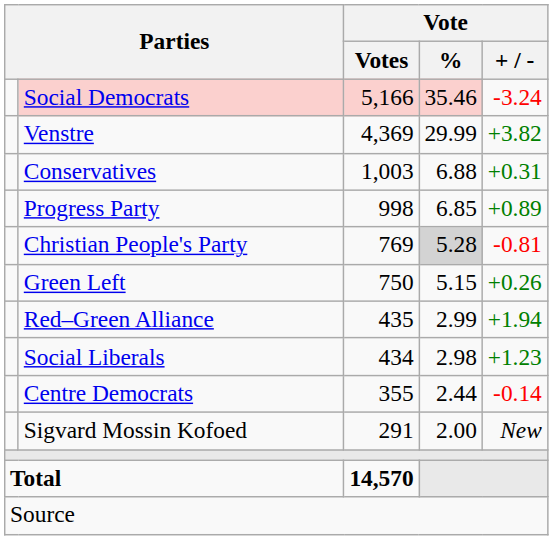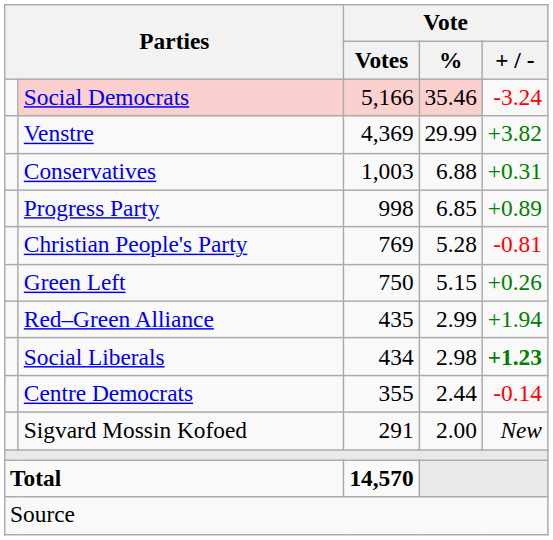 <table class="wikitable" style="text-align:right;">
 <tr>
 <th style="text-align:centre;" rowspan="2" colspan="2" width="225">Parties</th>
 <th colspan="3">Vote</th>
 </tr>
 <tr>
 <th width="15">Votes</th>
 <th width="15">%</th>
 <th width="15">+ / -</th>
 </tr>
 <tr>
 <td width="2" style="color:inherit;background:"></td>
 <td bgcolor=#fbd0ce  align="left"><a href='#'>Social Democrats</a></td>
 <td bgcolor=#fbd0ce>5,166</td>
 <td bgcolor=#fbd0ce>35.46</td>
 <td style=color:red;>-3.24</td>
 </tr>
 <tr>
 <td width="2" style="color:inherit;background:"></td>
 <td align="left"><a href='#'>Venstre</a></td>
 <td>4,369</td>
 <td>29.99</td>
 <td style=color:green;>+3.82</td>
 </tr>
 <tr>
 <td width="2" style="color:inherit;background:"></td>
 <td align="left"><a href='#'>Conservatives</a></td>
 <td>1,003</td>
 <td>6.88</td>
 <td style=color:green;>+0.31</td>
 </tr>
 <tr>
 <td width="2" style="color:inherit;background:"></td>
 <td align="left"><a href='#'>Progress Party</a></td>
 <td>998</td>
 <td>6.85</td>
 <td style=color:green;>+0.89</td>
 </tr>
 <tr>
 <td width="2" style="color:inherit;background:"></td>
 <td align="left"><a href='#'>Christian People's Party</a></td>
 <td>769</td>
-<td style="background: lightgrey;">5.28</td>
+<td>5.28</td>
 <td style=color:red;>-0.81</td>
 </tr>
 <tr>
 <td width="2" style="color:inherit;background:"></td>
 <td align="left"><a href='#'>Green Left</a></td>
 <td>750</td>
 <td>5.15</td>
 <td style=color:green;>+0.26</td>
 </tr>
 <tr>
 <td width="2" style="color:inherit;background:"></td>
 <td align="left"><a href='#'>Red–Green Alliance</a></td>
 <td>435</td>
 <td>2.99</td>
 <td style=color:green;>+1.94</td>
 </tr>
 <tr>
 <td width="2" style="color:inherit;background:"></td>
 <td align="left"><a href='#'>Social Liberals</a></td>
 <td>434</td>
 <td>2.98</td>
-<td style=color:green;>+1.23</td>
+<td style=color:green;><strong>+1.23</strong></td>
 </tr>
 <tr>
 <td width="2" style="color:inherit;background:"></td>
 <td align="left"><a href='#'>Centre Democrats</a></td>
 <td>355</td>
 <td>2.44</td>
 <td style=color:red;>-0.14</td>
 </tr>
 <tr>
 <td width="2" style="color:inherit;background:"></td>
 <td align="left">Sigvard Mossin Kofoed</td>
 <td>291</td>
 <td>2.00</td>
 <td><em>New</em></td>
 </tr>
 <tr>
 <td colspan="7" bgcolor="#E9E9E9"></td>
 </tr>
 <tr>
 <td align="left" colspan="2"><strong>Total</strong></td>
 <td><strong>14,570</strong></td>
 <td bgcolor="#E9E9E9" colspan="2"></td>
 </tr>
 <tr>
 <td align="left" colspan="6">Source</td>
 </tr>
 </table>
